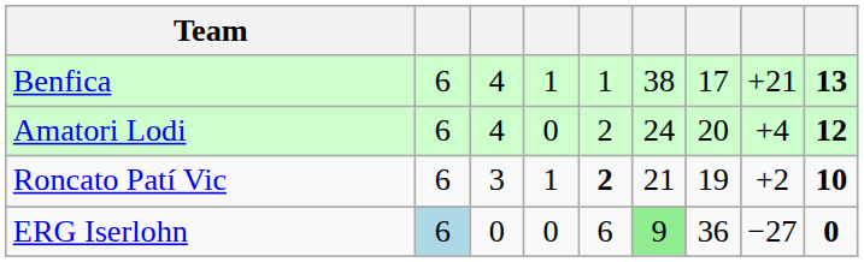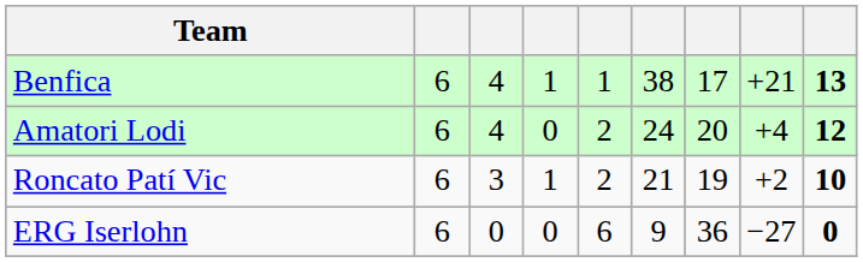 <table class="wikitable" style="text-align:center">
 <tr>
 <th width="200">Team</th>
 <th width="20"></th>
 <th width="20"></th>
 <th width="20"></th>
 <th width="20"></th>
 <th width="20"></th>
 <th width="20"></th>
 <th width="20"></th>
 <th width="20"></th>
 </tr>
 <tr bgcolor="#ccffcc">
 <td align=left> <a href='#'>Benfica</a></td>
 <td>6</td>
 <td>4</td>
 <td>1</td>
 <td>1</td>
 <td>38</td>
 <td>17</td>
 <td>+21</td>
 <td><strong>13</strong></td>
 </tr>
 <tr bgcolor="#ccffcc">
 <td align=left> <a href='#'>Amatori Lodi</a></td>
 <td>6</td>
 <td>4</td>
 <td>0</td>
 <td>2</td>
 <td>24</td>
 <td>20</td>
 <td>+4</td>
 <td><strong>12</strong></td>
 </tr>
 <tr>
 <td align=left> <a href='#'>Roncato Patí Vic</a></td>
 <td>6</td>
 <td>3</td>
 <td>1</td>
-<td><strong>2</strong></td>
+<td>2</td>
 <td>21</td>
 <td>19</td>
 <td>+2</td>
 <td><strong>10</strong></td>
 </tr>
 <tr>
 <td align=left> <a href='#'>ERG Iserlohn</a></td>
-<td style="background: lightblue;">6</td>
+<td>6</td>
 <td>0</td>
 <td>0</td>
 <td>6</td>
-<td style="background: lightgreen;">9</td>
+<td>9</td>
 <td>36</td>
 <td>−27</td>
 <td><strong>0</strong></td>
 </tr>
 </table>
